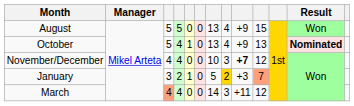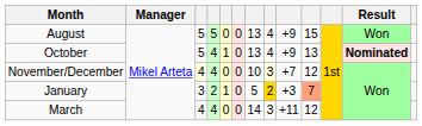 <table class="wikitable sortable" style="text-align:center; font-size:95%;">
 <tr>
 <th>Month</th>
 <th class="unsortable">Manager</th>
 <th></th>
 <th></th>
 <th></th>
 <th></th>
 <th></th>
 <th></th>
 <th></th>
 <th></th>
 <th></th>
 <th>Result</th>
 <th class="unsortable"></th>
 </tr>
 <tr>
 <td data-sort-value="1">August</td>
 <td rowspan="5" style="text-align:left;"> <a href='#'>Mikel Arteta</a></td>
 <td>5</td>
 <td style="background:#ccffcc;">5</td>
 <td style="background:#ffffcc;">0</td>
 <td style="background:#ffe3e3;">0</td>
 <td>13</td>
 <td>4</td>
 <td>+9</td>
 <td>15</td>
 <td rowspan="5" style="background:#ffd700;">1st</td>
 <td style="background:#9eff9e;">Won</td>
 <td></td>
 </tr>
 <tr>
 <td data-sort-value="2">October</td>
 <td>5</td>
 <td style="background:#ccffcc;">4</td>
 <td style="background:#ffffcc;">1</td>
 <td style="background:#ffe3e3;">0</td>
 <td>13</td>
 <td>4</td>
 <td>+9</td>
 <td>13</td>
 <td style="background:#ffe3e3;"><strong>Nominated</strong></td>
 <td></td>
 </tr>
 <tr>
 <td data-sort-value="3">November/December</td>
-<td>4</td>
+<td style="background: lightyellow;">4</td>
 <td style="background:#ccffcc;">4</td>
 <td style="background:#ffffcc;">0</td>
 <td style="background:#ffe3e3;">0</td>
 <td>10</td>
-<td>3</td>
-<td><strong>+7</strong></td>
+<td style="background: lightyellow;">3</td>
+<td>+7</td>
 <td>12</td>
 <td rowspan="3" style="background:#9eff9e;">Won</td>
 <td></td>
 </tr>
 <tr>
 <td data-sort-value="4">January</td>
 <td>3</td>
 <td style="background:#ccffcc;">2</td>
 <td style="background:#ffffcc;">1</td>
 <td style="background:#ffe3e3;">0</td>
 <td>5</td>
 <td style="background: gold;">2</td>
 <td>+3</td>
 <td style="background: lightsalmon;">7</td>
 <td></td>
 </tr>
 <tr>
 <td data-sort-value="5">March</td>
-<td style="background: lightsalmon;">4</td>
+<td>4</td>
 <td style="background:#ccffcc;">4</td>
 <td style="background:#ffffcc;">0</td>
 <td style="background:#ffe3e3;">0</td>
 <td>14</td>
 <td>3</td>
 <td>+11</td>
 <td>12</td>
 <td></td>
 </tr>
 </table>
